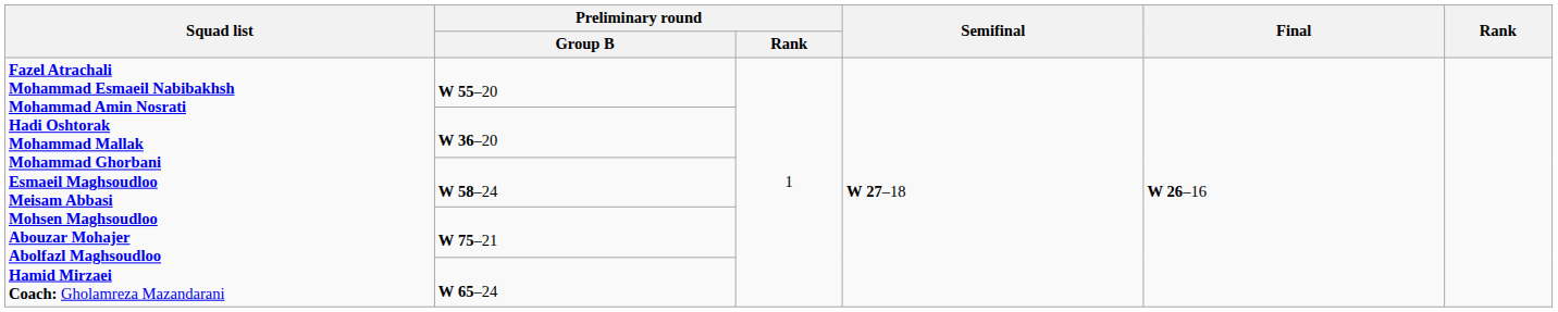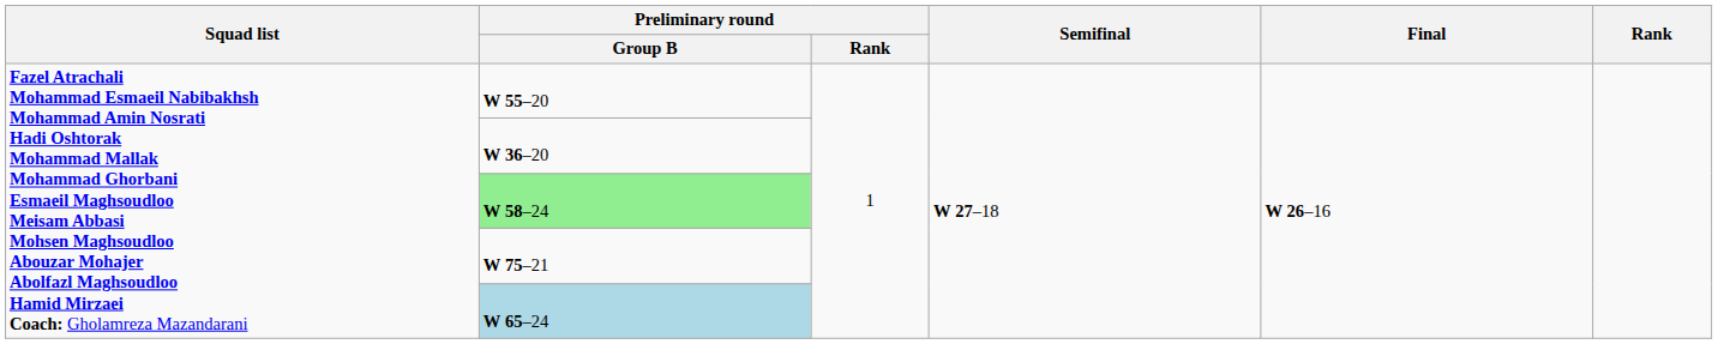 <table class="wikitable" width="71%" style="text-align:left; font-size:90%">
 <tr>
 <th rowspan="2" width="20%">Squad list</th>
 <th colspan="2">Preliminary round</th>
 <th rowspan="2" width="14%">Semifinal</th>
 <th rowspan="2" width="14%">Final</th>
 <th rowspan="2" width="5%">Rank</th>
 </tr>
 <tr>
 <th width="14%">Group B</th>
 <th width="5%">Rank</th>
 </tr>
 <tr>
 <td rowspan=5><strong><a href='#'>Fazel Atrachali</a><br><a href='#'>Mohammad Esmaeil Nabibakhsh</a><br><a href='#'>Mohammad Amin Nosrati</a><br><a href='#'>Hadi Oshtorak</a><br><a href='#'>Mohammad Mallak</a><br><a href='#'>Mohammad Ghorbani</a><br><a href='#'>Esmaeil Maghsoudloo</a><br><a href='#'>Meisam Abbasi</a><br><a href='#'>Mohsen Maghsoudloo</a><br><a href='#'>Abouzar Mohajer</a><br><a href='#'>Abolfazl Maghsoudloo</a><br><a href='#'>Hamid Mirzaei</a><br>Coach:</strong> <a href='#'>Gholamreza Mazandarani</a></td>
 <td><br><strong>W</strong> <strong>55</strong>–20</td>
 <td rowspan=5 align=center>1 <strong></strong></td>
 <td rowspan=5><br><strong>W</strong> <strong>27</strong>–18</td>
 <td rowspan=5><br><strong>W</strong> <strong>26</strong>–16</td>
 <td rowspan=5 align=center></td>
 </tr>
 <tr>
 <td><br><strong>W</strong> <strong>36</strong>–20</td>
 </tr>
 <tr>
-<td><br><strong>W</strong> <strong>58</strong>–24</td>
+<td style="background: lightgreen;"><br><strong>W</strong> <strong>58</strong>–24</td>
 </tr>
 <tr>
 <td><br><strong>W</strong> <strong>75</strong>–21</td>
 </tr>
 <tr>
-<td><br><strong>W</strong> <strong>65</strong>–24</td>
+<td style="background: lightblue;"><br><strong>W</strong> <strong>65</strong>–24</td>
 </tr>
 </table>
